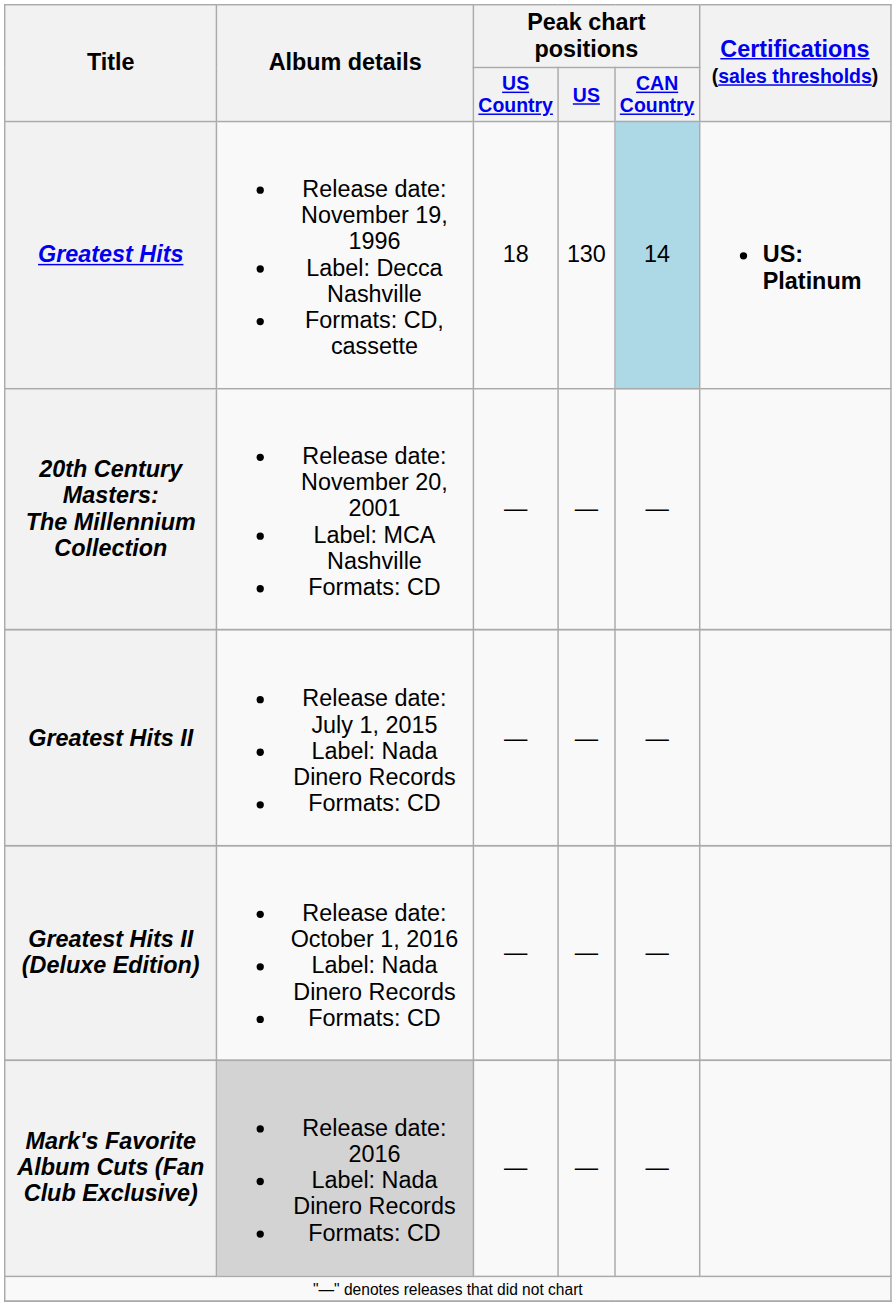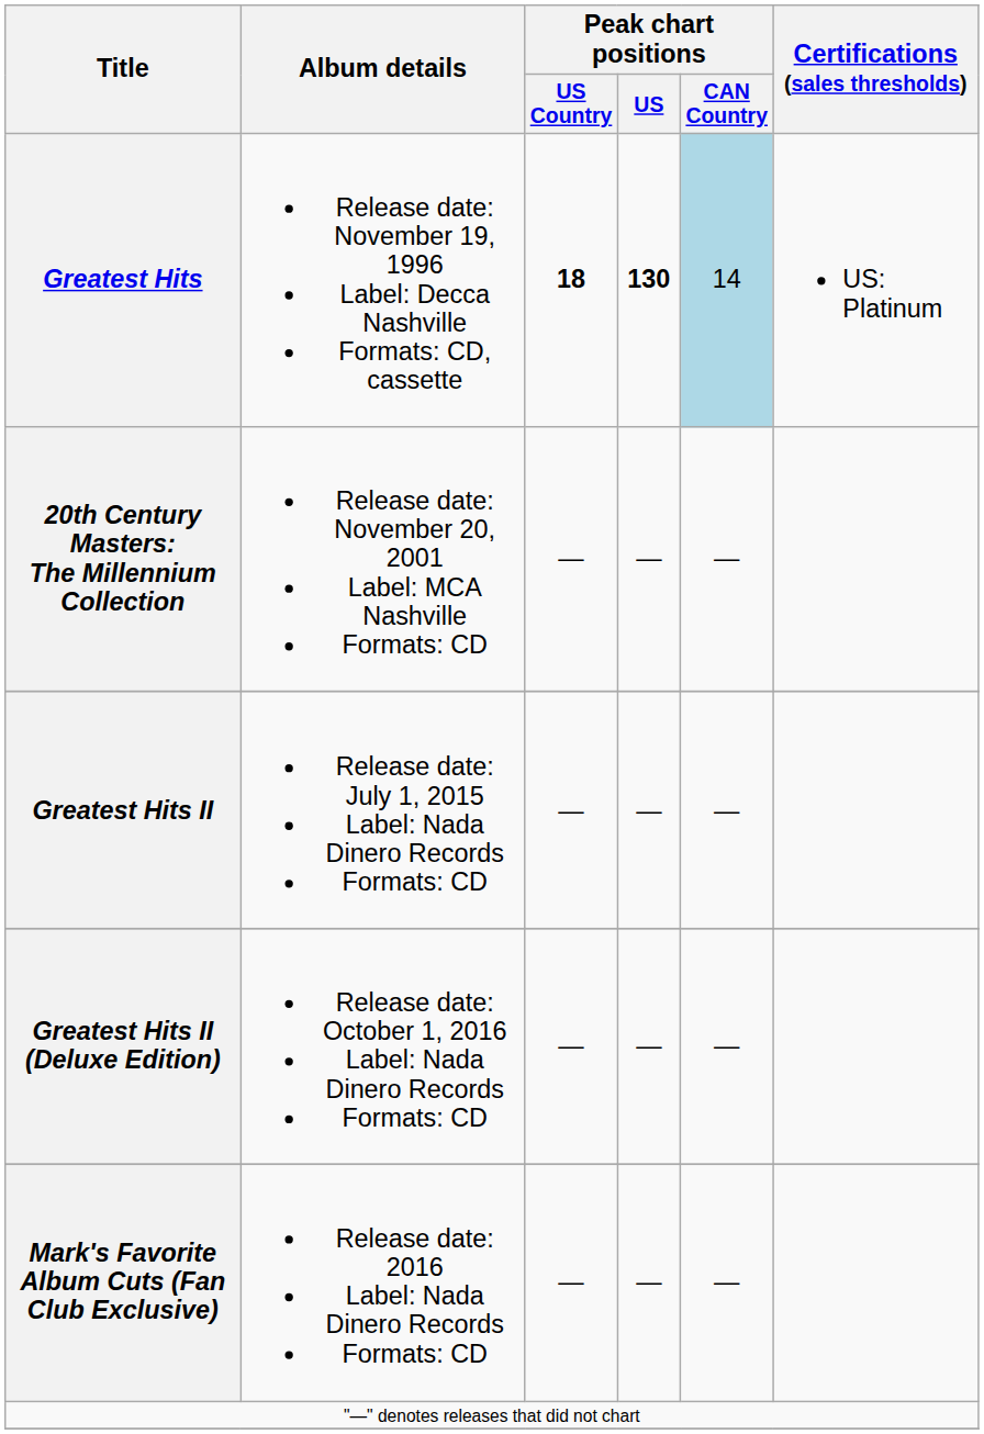 <table class="wikitable plainrowheaders" style="text-align:center;">
 <tr>
 <th rowspan="2" style="width:16em;">Title</th>
 <th rowspan="2" style="width:18em;">Album details</th>
 <th colspan="3">Peak chart positions</th>
 <th rowspan="2" style="width:10em;"><a href='#'>Certifications</a><br><small>(<a href='#'>sales thresholds</a>)</small></th>
 </tr>
 <tr style="font-size:smaller;">
 <th width="45"><a href='#'>US Country</a><br></th>
 <th width="45"><a href='#'>US</a><br></th>
 <th width="45"><a href='#'>CAN Country</a><br></th>
 </tr>
 <tr>
 <th scope="row"><em><a href='#'>Greatest Hits</a></em></th>
 <td><br><ul><li>Release date: November 19, 1996</li><li>Label: Decca Nashville</li><li>Formats: CD, cassette</li></ul></td>
-<td>18</td>
-<td>130</td>
+<td><strong>18</strong></td>
+<td><strong>130</strong></td>
 <td style="background: lightblue;">14</td>
-<td align="left"><strong><br><ul><li>US: Platinum</li></ul></strong></td>
+<td align="left"><br><ul><li>US: Platinum</li></ul></td>
 </tr>
 <tr>
 <th scope="row"><em>20th Century Masters:<br>The Millennium Collection</em></th>
 <td><br><ul><li>Release date: November 20, 2001</li><li>Label: MCA Nashville</li><li>Formats: CD</li></ul></td>
 <td>—</td>
 <td>—</td>
 <td>—</td>
 <td></td>
 </tr>
 <tr>
 </tr>
 <tr>
 </tr>
 <tr>
 <th scope="row"><em>Greatest Hits II</em></th>
 <td><br><ul><li>Release date: July 1, 2015</li><li>Label: Nada Dinero Records</li><li>Formats: CD</li></ul></td>
 <td>—</td>
 <td>—</td>
 <td>—</td>
 <td></td>
 </tr>
 <tr>
 </tr>
 <tr>
 <th scope="row"><em>Greatest Hits II (Deluxe Edition)</em></th>
 <td><br><ul><li>Release date: October 1, 2016</li><li>Label: Nada Dinero Records</li><li>Formats: CD</li></ul></td>
 <td>—</td>
 <td>—</td>
 <td>—</td>
 <td></td>
 </tr>
 <tr>
 </tr>
 <tr>
 <th scope="row"><em>Mark's Favorite Album Cuts (Fan Club Exclusive)</em></th>
-<td style="background: lightgrey;"><br><ul><li>Release date: 2016</li><li>Label: Nada Dinero Records</li><li>Formats: CD</li></ul></td>
+<td><br><ul><li>Release date: 2016</li><li>Label: Nada Dinero Records</li><li>Formats: CD</li></ul></td>
 <td>—</td>
 <td>—</td>
 <td>—</td>
 <td></td>
 </tr>
 <tr>
 <td colspan="10" style="font-size:8pt">"—" denotes releases that did not chart</td>
 </tr>
 <tr>
 </tr>
 </table>
